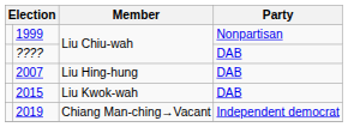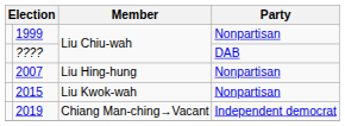 <table class="wikitable">
 <tr>
 <th colspan="2">Election</th>
 <th>Member</th>
 <th>Party</th>
 </tr>
 <tr>
 <td style="background-color: "></td>
 <td><a href='#'>1999</a></td>
 <td rowspan=2>Liu Chiu-wah</td>
 <td><a href='#'>Nonpartisan</a></td>
 </tr>
 <tr>
 <td style="background-color: "></td>
 <td><em>????</em></td>
 <td><a href='#'>DAB</a></td>
 </tr>
 <tr>
 <td style="background-color: "></td>
 <td><a href='#'>2007</a></td>
 <td>Liu Hing-hung</td>
-<td><a href='#'>DAB</a></td>
+<td><a href='#'>Nonpartisan</a></td>
 </tr>
 <tr>
 <td style="background-color: "></td>
 <td><a href='#'>2015</a></td>
 <td>Liu Kwok-wah</td>
-<td><a href='#'>DAB</a></td>
+<td><a href='#'>Nonpartisan</a></td>
 </tr>
 <tr>
 <td style="background-color: "></td>
 <td><a href='#'>2019</a></td>
 <td>Chiang Man-ching→Vacant</td>
 <td><a href='#'>Independent democrat</a></td>
 </tr>
 <tr>
 </tr>
 </table>
